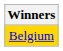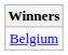 <table class=wikitable style="text-align:center; margin:auto">
 <tr>
 <th>Winners</th>
 </tr>
 <tr>
-<td style="background: gold;"> <a href='#'>Belgium</a></td>
+<td> <a href='#'>Belgium</a></td>
 </tr>
 </table>
